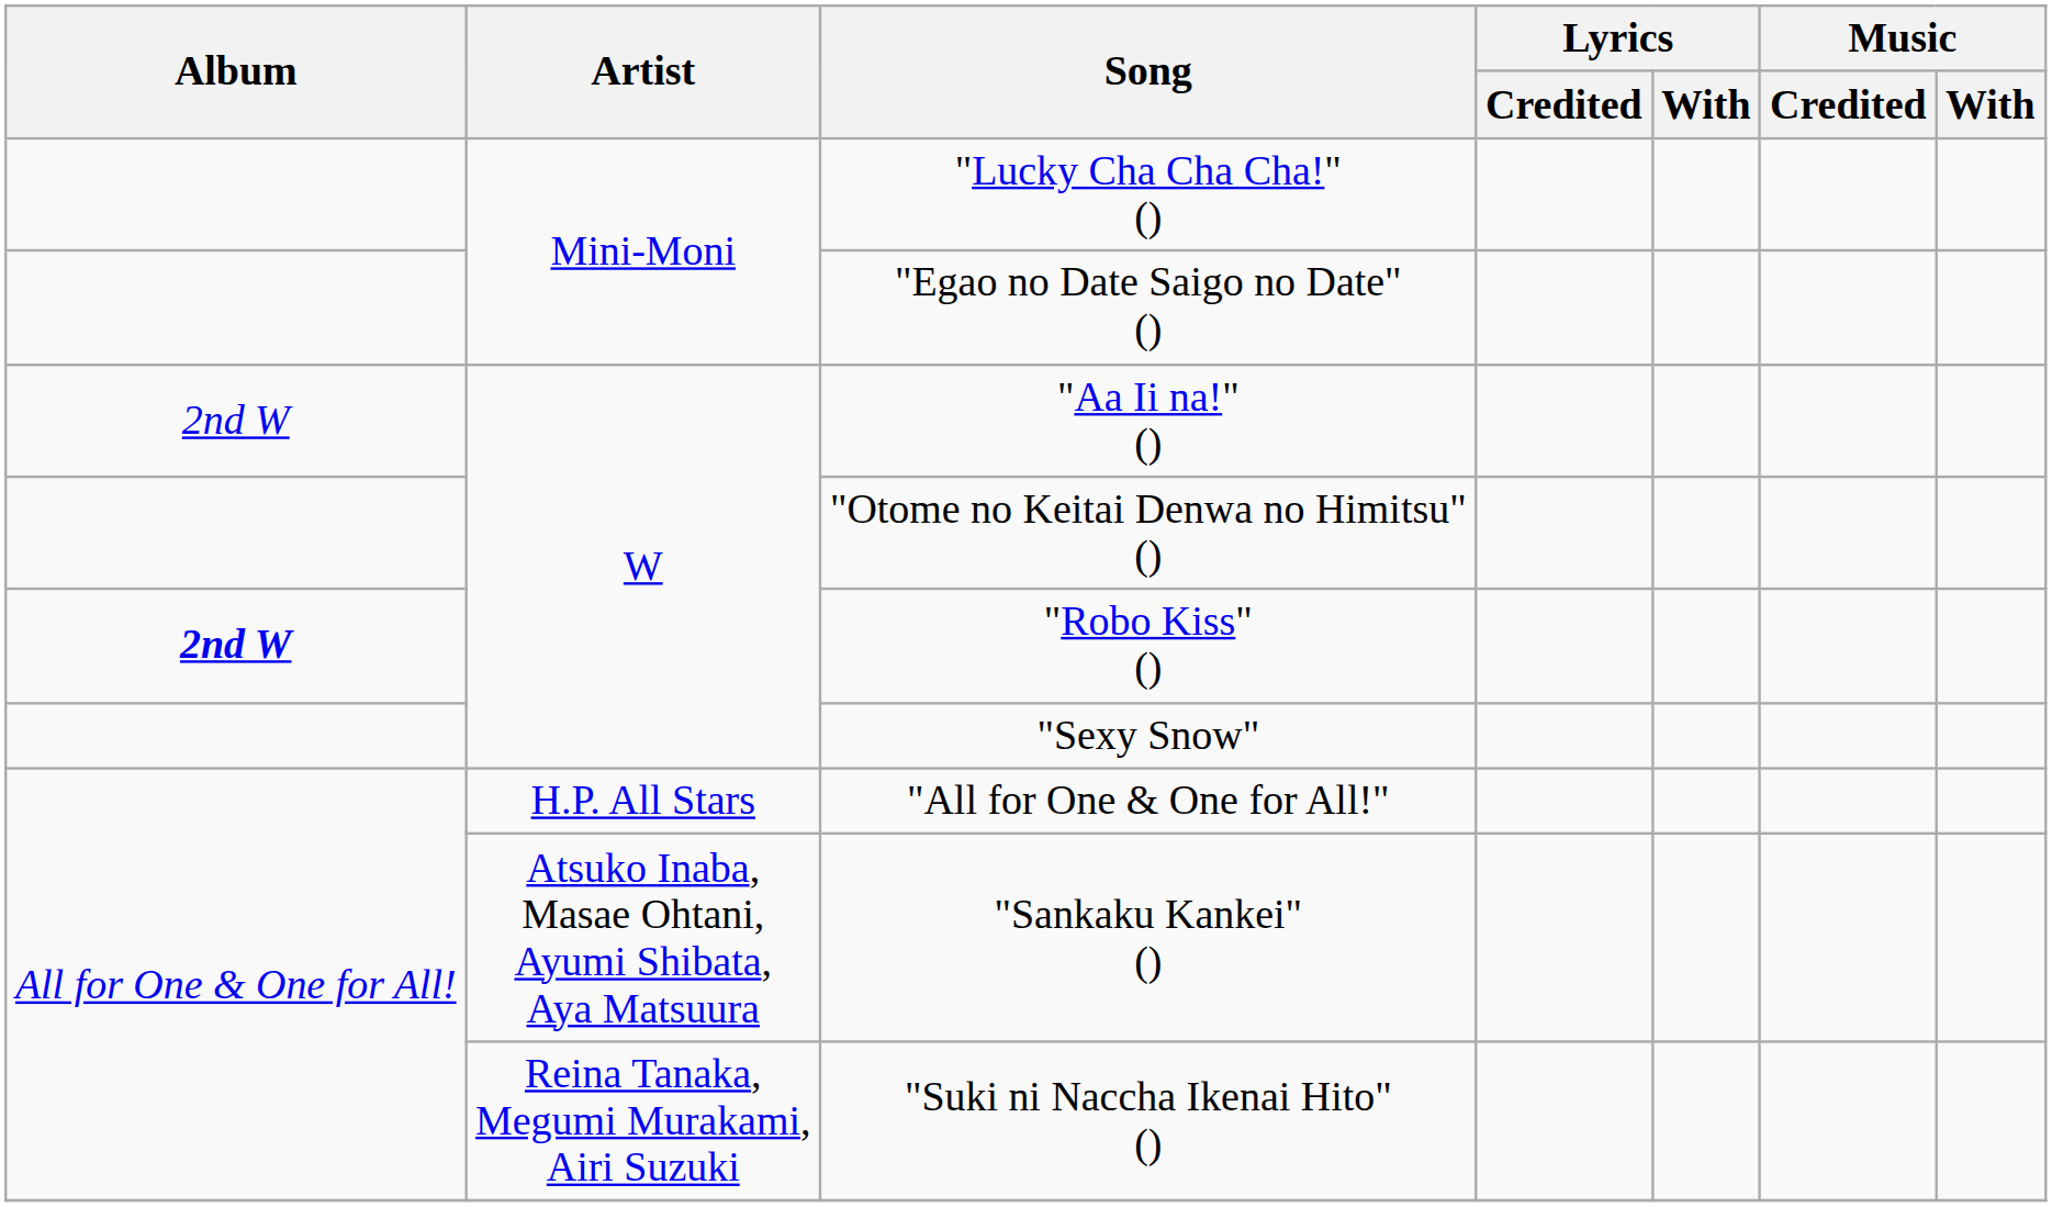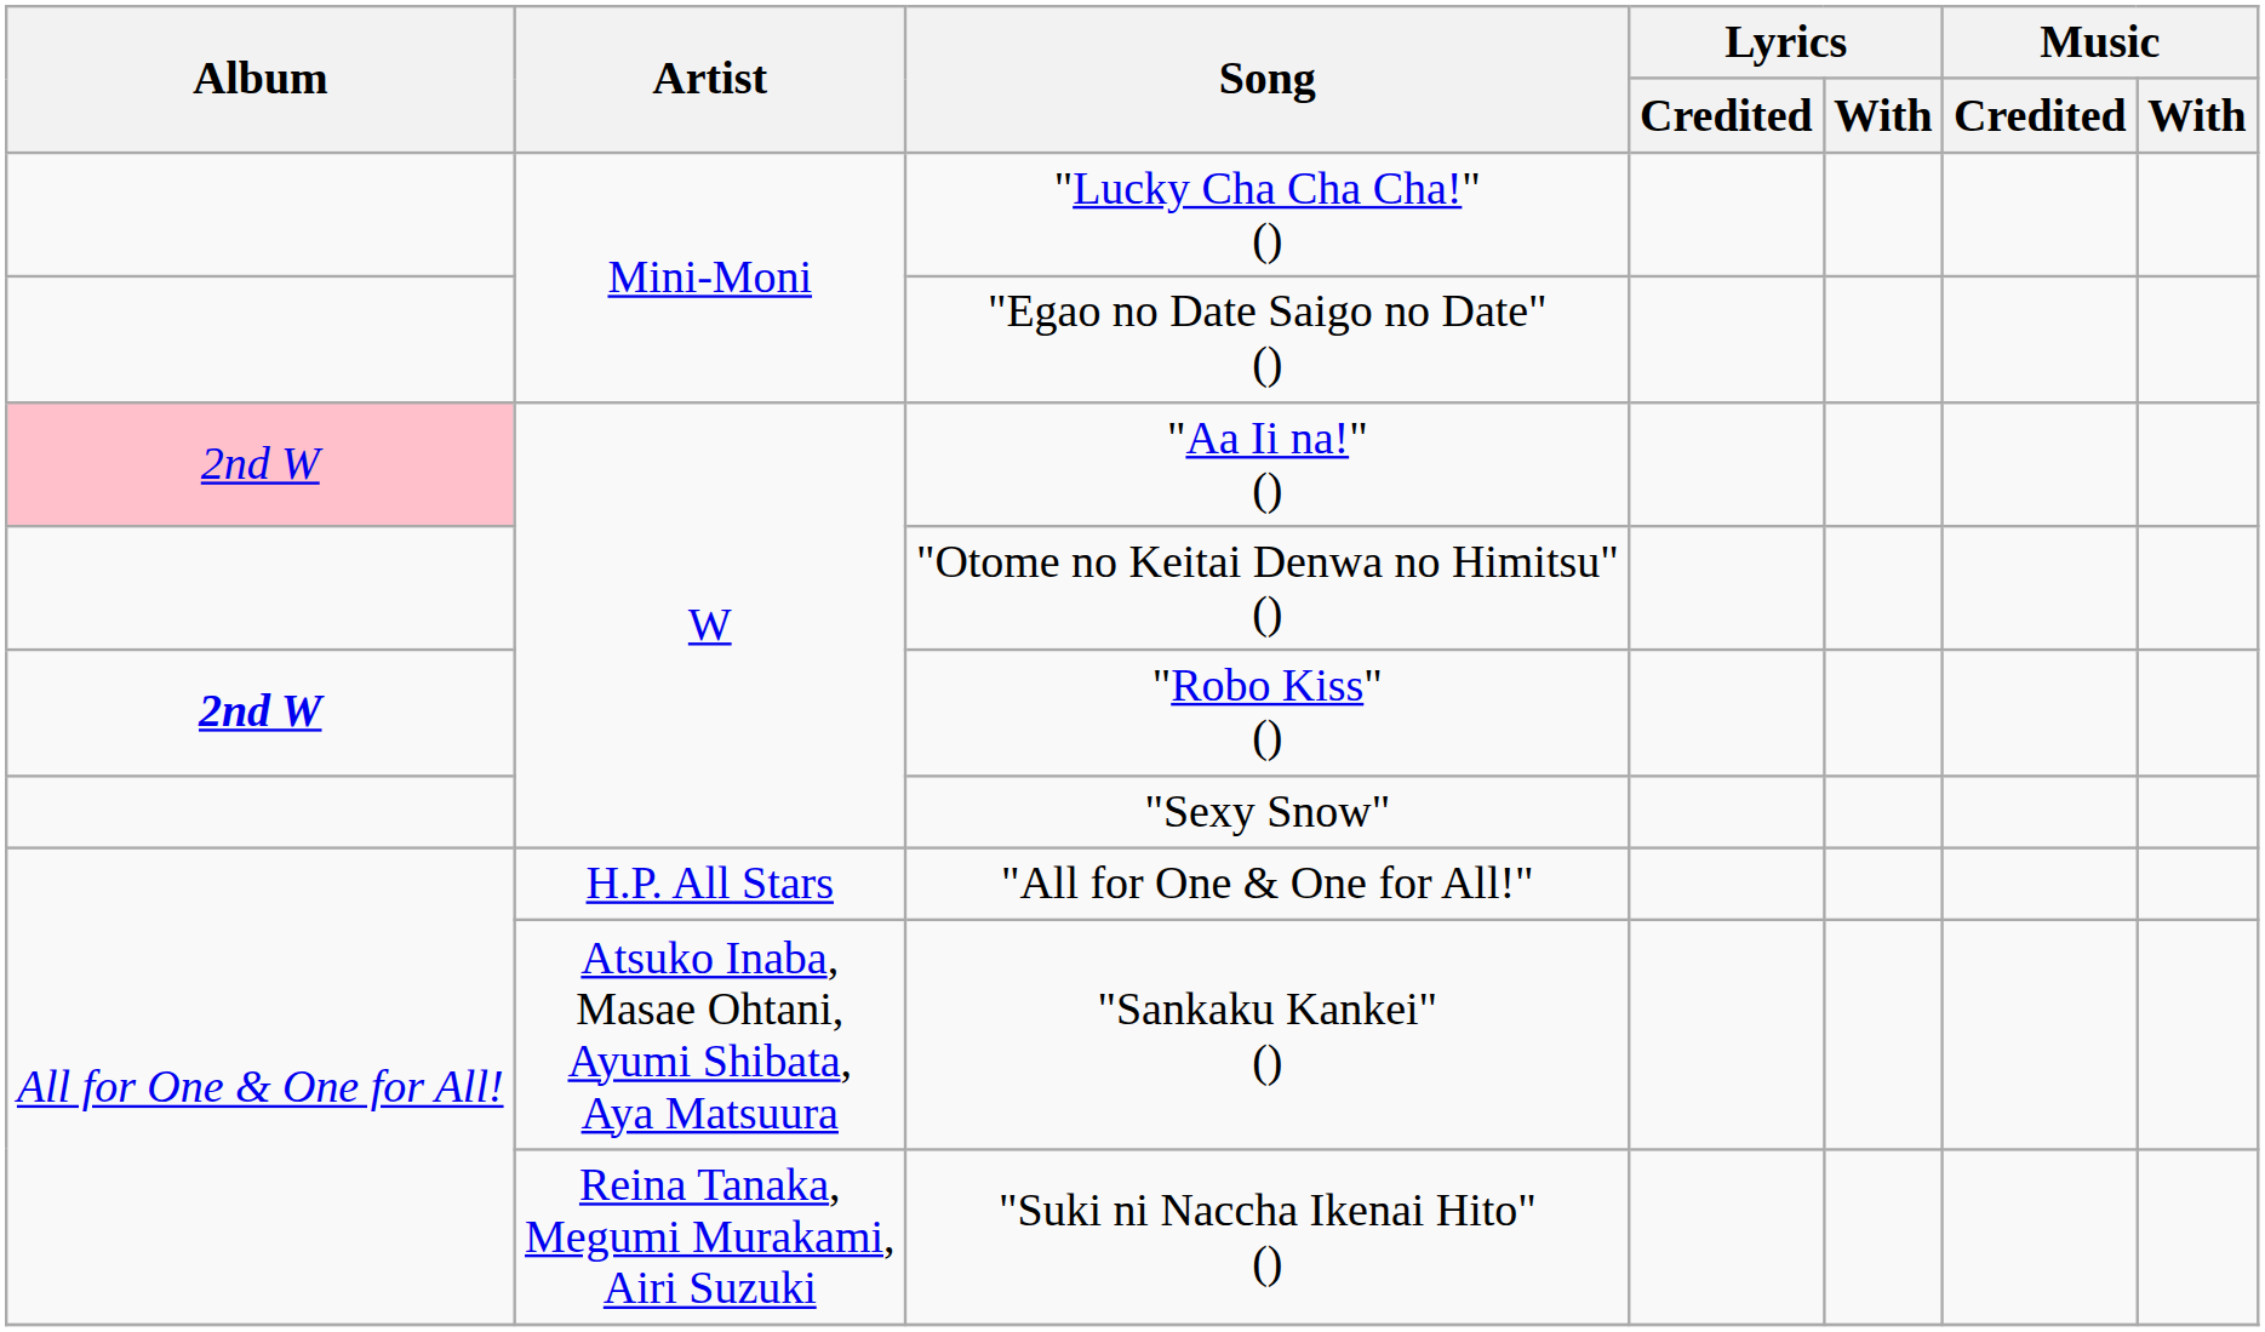 <table class="wikitable">
 <tr>
 <th rowspan="2">Album</th>
 <th rowspan="2">Artist</th>
 <th rowspan="2">Song</th>
 <th colspan="2">Lyrics</th>
 <th colspan="2">Music</th>
 </tr>
 <tr>
 <th>Credited</th>
 <th>With</th>
 <th>Credited</th>
 <th>With</th>
 </tr>
 <tr>
 <td></td>
 <td align="center" rowspan="2"><a href='#'>Mini-Moni</a></td>
 <td align="center">"<a href='#'>Lucky Cha Cha Cha!</a>"<br>()</td>
 <td></td>
 <td></td>
 <td></td>
 <td></td>
 </tr>
 <tr>
 <td></td>
 <td align="center">"Egao no Date Saigo no Date"<br>()</td>
 <td></td>
 <td></td>
 <td></td>
 <td></td>
 </tr>
 <tr>
-<td align="center"><em><a href='#'>2nd W</a></em></td>
+<td align="center" style="background: pink;"><em><a href='#'>2nd W</a></em></td>
 <td align="center" rowspan="4"><a href='#'>W</a></td>
 <td align="center">"<a href='#'>Aa Ii na!</a>"<br>()</td>
 <td></td>
 <td></td>
 <td></td>
 <td></td>
 </tr>
 <tr>
 <td></td>
 <td align="center">"Otome no Keitai Denwa no Himitsu"<br>()</td>
 <td></td>
 <td></td>
 <td></td>
 <td></td>
 </tr>
 <tr>
 <td align="center"><strong><em><a href='#'>2nd W</a></em></strong></td>
 <td align="center">"<a href='#'>Robo Kiss</a>"<br>()</td>
 <td></td>
 <td></td>
 <td></td>
 <td></td>
 </tr>
 <tr>
 <td></td>
 <td align="center">"Sexy Snow"</td>
 <td></td>
 <td></td>
 <td></td>
 <td></td>
 </tr>
 <tr>
 <td align="center" rowspan="3"><em><a href='#'>All for One & One for All!</a></em></td>
 <td align="center"><a href='#'>H.P. All Stars</a></td>
 <td align="center">"All for One & One for All!"</td>
 <td></td>
 <td></td>
 <td></td>
 <td></td>
 </tr>
 <tr>
 <td align="center"><a href='#'>Atsuko Inaba</a>,<br>Masae Ohtani,<br><a href='#'>Ayumi Shibata</a>,<br><a href='#'>Aya Matsuura</a></td>
 <td align="center">"Sankaku Kankei"<br>()</td>
 <td></td>
 <td></td>
 <td></td>
 <td></td>
 </tr>
 <tr>
 <td align="center"><a href='#'>Reina Tanaka</a>,<br><a href='#'>Megumi Murakami</a>,<br><a href='#'>Airi Suzuki</a></td>
 <td align="center">"Suki ni Naccha Ikenai Hito"<br>()</td>
 <td></td>
 <td></td>
 <td></td>
 <td></td>
 </tr>
 <tr>
 </tr>
 </table>
